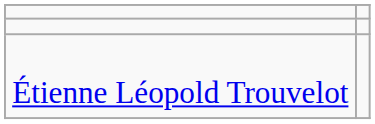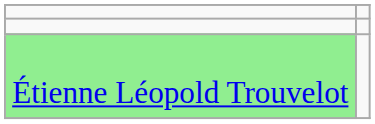 <table class="wikitable">
 <tr>
 <td></td>
 <td></td>
 </tr>
 <tr>
 <td></td>
 <td></td>
 </tr>
 <tr>
-<td><br><a href='#'>Étienne Léopold Trouvelot</a></td>
+<td style="background: lightgreen;"><br><a href='#'>Étienne Léopold Trouvelot</a></td>
 </tr>
 </table>
